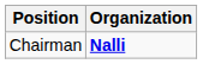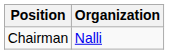 <table class="wikitable" style="font-size:90%;">
 <tr>
 <th>Position</th>
 <th>Organization</th>
 </tr>
 <tr>
 <td>Chairman</td>
-<td><strong><a href='#'>Nalli</a></strong></td>
+<td><a href='#'>Nalli</a></td>
 </tr>
 </table>
